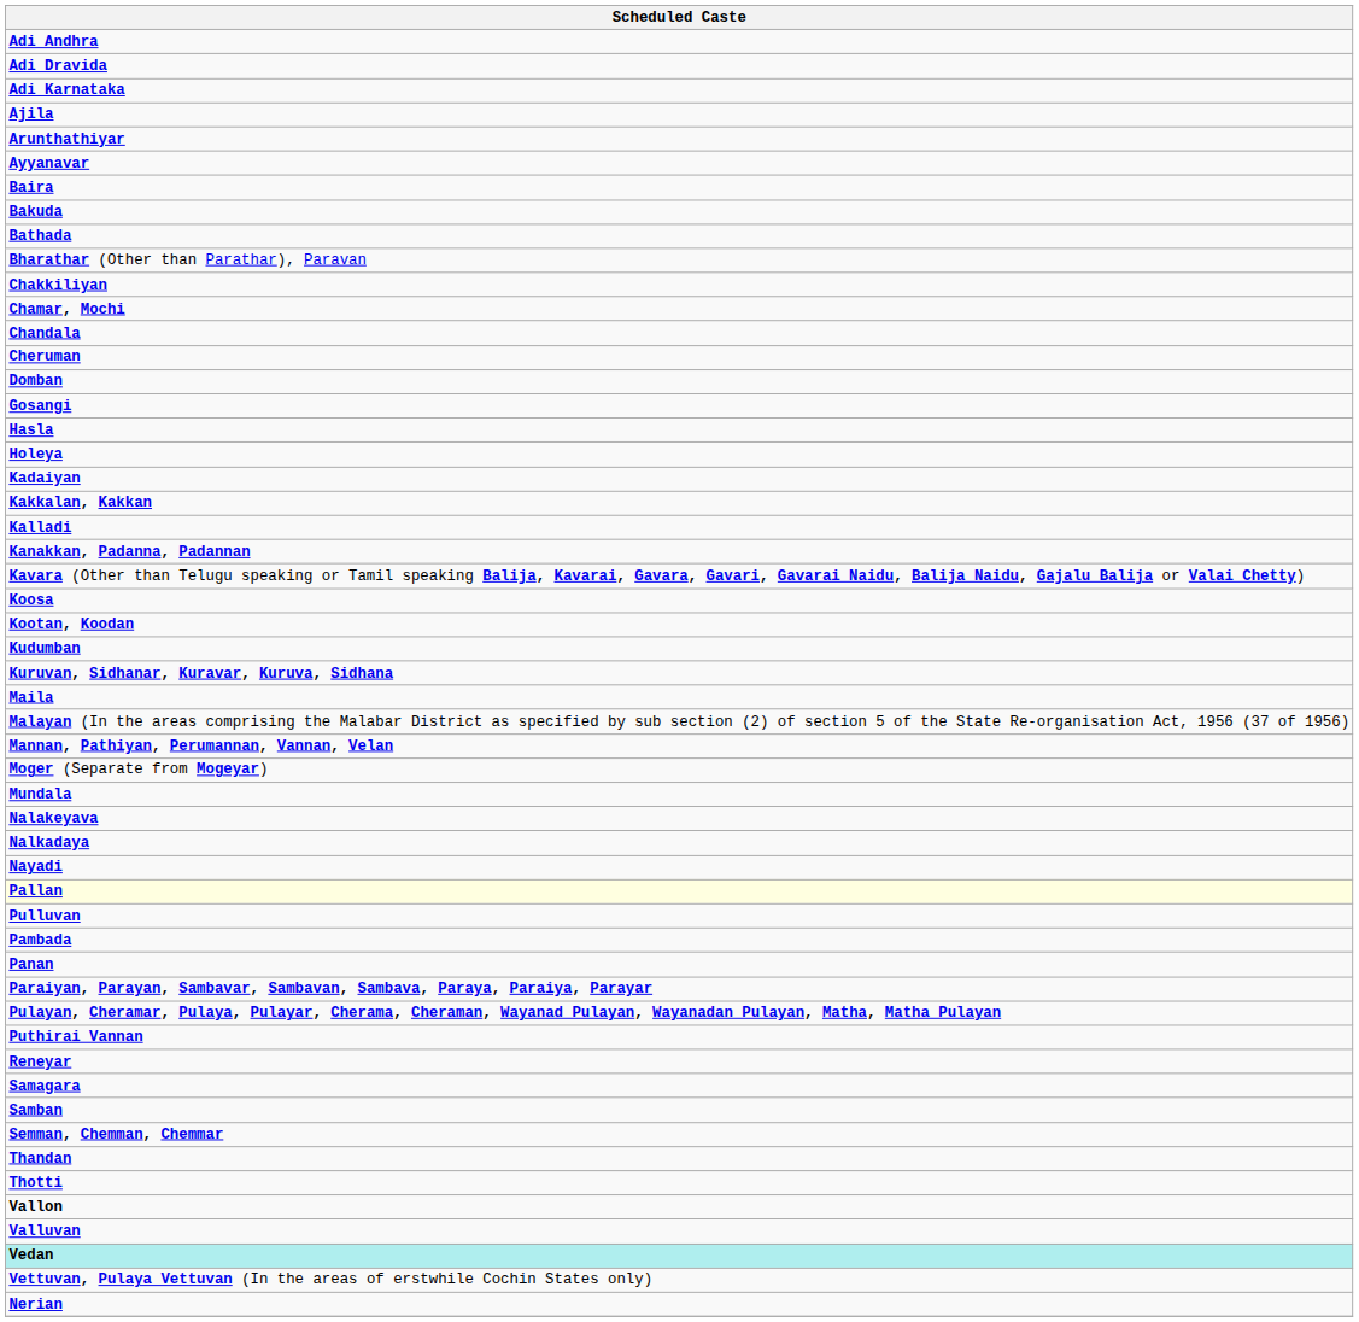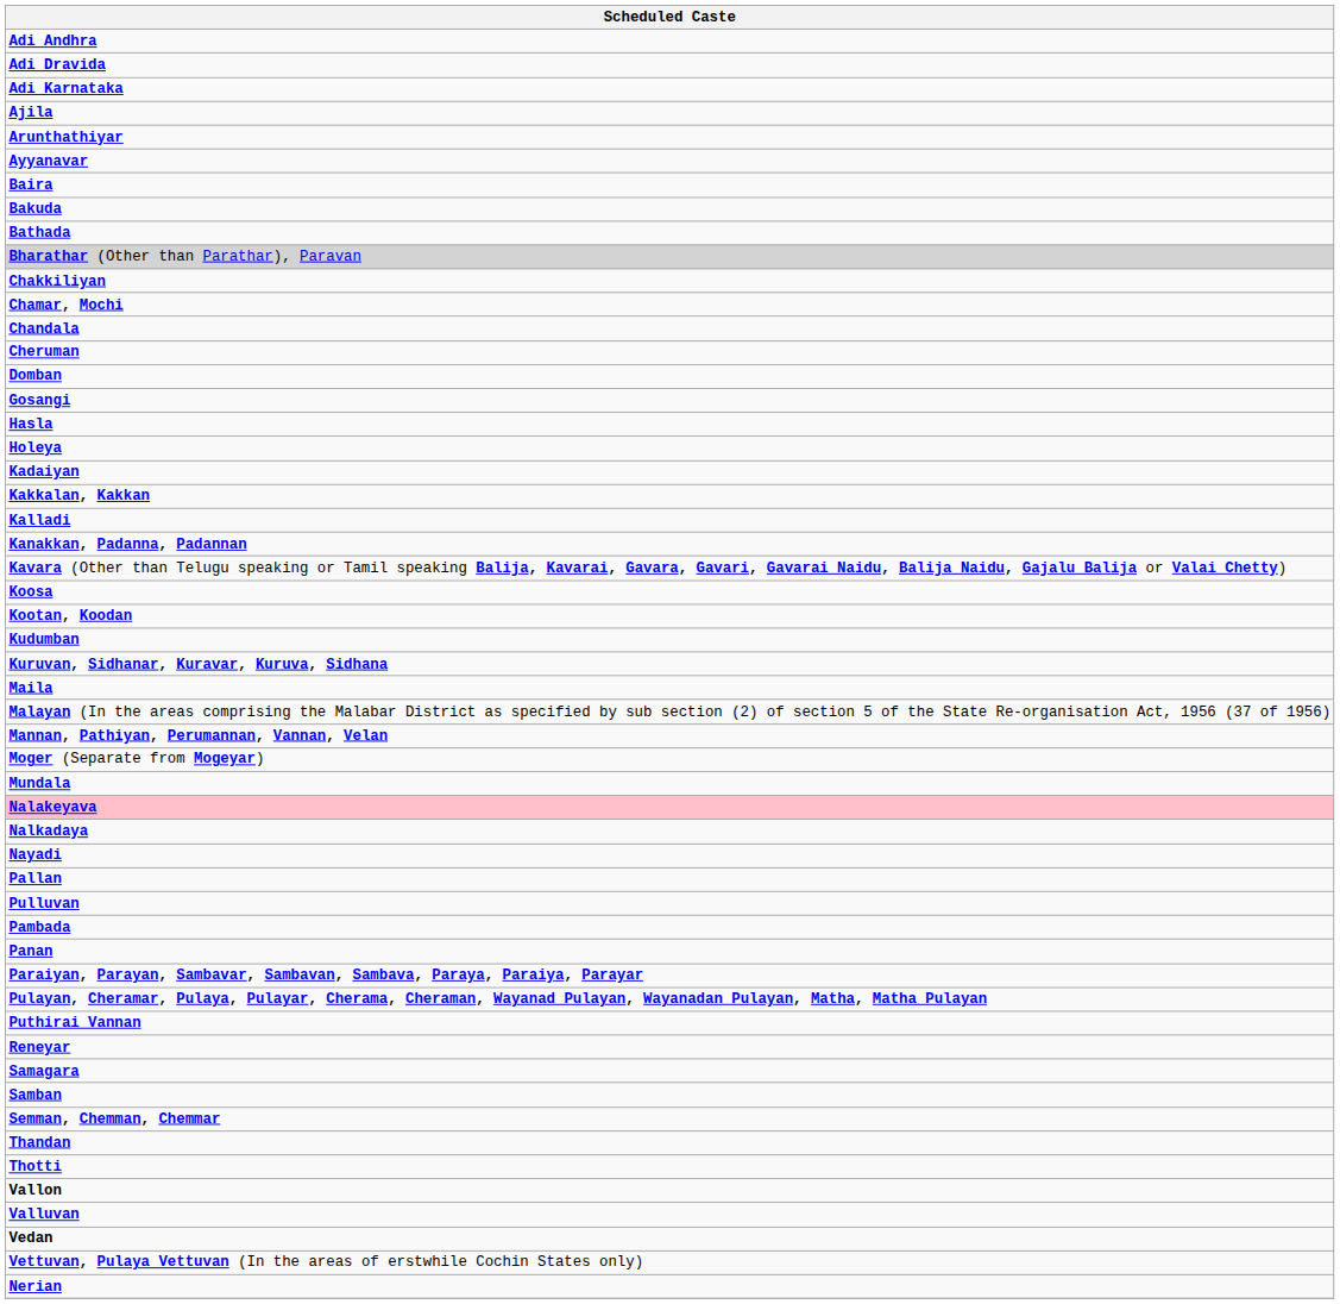 <table class="wikitable">
 <tr>
 <th>Scheduled Caste</th>
 </tr>
 <tr>
 <td><strong><a href='#'>Adi Andhra</a> </strong></td>
 </tr>
 <tr>
 <td><strong><a href='#'>Adi Dravida</a> </strong></td>
 </tr>
 <tr>
 <td><strong><a href='#'>Adi Karnataka</a> </strong></td>
 </tr>
 <tr>
 <td><strong><a href='#'>Ajila</a> </strong></td>
 </tr>
 <tr>
 <td><strong><a href='#'>Arunthathiyar</a> </strong></td>
 </tr>
 <tr>
 <td><strong><a href='#'>Ayyanavar</a> </strong></td>
 </tr>
 <tr>
 <td><strong><a href='#'>Baira</a> </strong></td>
 </tr>
 <tr>
 <td><strong><a href='#'>Bakuda</a> </strong></td>
 </tr>
 <tr>
 <td><strong><a href='#'>Bathada</a> </strong></td>
 </tr>
 <tr>
-<td><strong><a href='#'>Bharathar</a></strong> (Other than <a href='#'>Parathar</a>), <a href='#'>Paravan</a></td>
+<td style="background: lightgrey;"><strong><a href='#'>Bharathar</a></strong> (Other than <a href='#'>Parathar</a>), <a href='#'>Paravan</a></td>
 </tr>
 <tr>
 <td><strong><a href='#'>Chakkiliyan</a></strong></td>
 </tr>
 <tr>
 <td><strong><a href='#'>Chamar</a>, <a href='#'>Mochi</a> </strong></td>
 </tr>
 <tr>
 <td><strong><a href='#'>Chandala</a> </strong></td>
 </tr>
 <tr>
 <td><strong><a href='#'>Cheruman</a> </strong></td>
 </tr>
 <tr>
 <td><strong><a href='#'>Domban</a> </strong></td>
 </tr>
 <tr>
 <td><strong><a href='#'>Gosangi</a> </strong></td>
 </tr>
 <tr>
 <td><strong><a href='#'>Hasla</a> </strong></td>
 </tr>
 <tr>
 <td><strong><a href='#'>Holeya</a> </strong></td>
 </tr>
 <tr>
 <td><strong><a href='#'>Kadaiyan</a> </strong></td>
 </tr>
 <tr>
 <td><strong><a href='#'>Kakkalan</a>, <a href='#'>Kakkan</a> </strong></td>
 </tr>
 <tr>
 <td><strong><a href='#'>Kalladi</a> </strong></td>
 </tr>
 <tr>
 <td><strong><a href='#'>Kanakkan</a>, <a href='#'>Padanna</a>, <a href='#'>Padannan</a> </strong></td>
 </tr>
 <tr>
 <td><strong><a href='#'>Kavara</a></strong> (Other than Telugu speaking or Tamil speaking <strong><a href='#'>Balija</a>, <a href='#'>Kavarai</a>, <a href='#'>Gavara</a>, <a href='#'>Gavari</a>, <a href='#'>Gavarai Naidu</a>, <a href='#'>Balija Naidu</a>, <a href='#'>Gajalu Balija</a></strong> or <strong><a href='#'>Valai Chetty</a></strong>)</td>
 </tr>
 <tr>
 <td><strong><a href='#'>Koosa</a> </strong></td>
 </tr>
 <tr>
 <td><strong><a href='#'>Kootan</a>, <a href='#'>Koodan</a> </strong></td>
 </tr>
 <tr>
 <td><strong><a href='#'>Kudumban</a> </strong></td>
 </tr>
 <tr>
 <td><strong><a href='#'>Kuruvan</a>, <a href='#'>Sidhanar</a>, <a href='#'>Kuravar</a>, <a href='#'>Kuruva</a>, <a href='#'>Sidhana</a> </strong></td>
 </tr>
 <tr>
 <td><strong><a href='#'>Maila</a> </strong></td>
 </tr>
 <tr>
 <td><strong><a href='#'>Malayan</a></strong> (In the areas comprising the Malabar District as specified by sub section (2) of section 5 of the State Re-organisation Act, 1956 (37 of 1956)</td>
 </tr>
 <tr>
 <td><strong><a href='#'>Mannan</a>, <a href='#'>Pathiyan</a>, <a href='#'>Perumannan</a>, <a href='#'>Vannan</a>, <a href='#'>Velan</a> </strong></td>
 </tr>
 <tr>
 <td><strong><a href='#'>Moger</a></strong> (Separate from <strong><a href='#'>Mogeyar</a></strong>)</td>
 </tr>
 <tr>
 <td><strong><a href='#'>Mundala</a> </strong></td>
 </tr>
 <tr>
-<td><strong><a href='#'>Nalakeyava</a> </strong></td>
+<td style="background: pink;"><strong><a href='#'>Nalakeyava</a> </strong></td>
 </tr>
 <tr>
 <td><strong><a href='#'>Nalkadaya</a> </strong></td>
 </tr>
 <tr>
 <td><strong><a href='#'>Nayadi</a> </strong></td>
 </tr>
 <tr>
-<td style="background: lightyellow;"><strong><a href='#'>Pallan</a> </strong></td>
+<td><strong><a href='#'>Pallan</a> </strong></td>
 </tr>
 <tr>
 <td><strong><a href='#'>Pulluvan</a> </strong></td>
 </tr>
 <tr>
 <td><strong><a href='#'>Pambada</a> </strong></td>
 </tr>
 <tr>
 <td><strong><a href='#'>Panan</a> </strong></td>
 </tr>
 <tr>
 <td><strong><a href='#'>Paraiyan</a>, <a href='#'>Parayan</a>, <a href='#'>Sambavar</a>, <a href='#'>Sambavan</a>, <a href='#'>Sambava</a>, <a href='#'>Paraya</a>, <a href='#'>Paraiya</a>, <a href='#'>Parayar</a> </strong></td>
 </tr>
 <tr>
 <td><strong><a href='#'>Pulayan</a>, <a href='#'>Cheramar</a>, <a href='#'>Pulaya</a>, <a href='#'>Pulayar</a>, <a href='#'>Cherama</a>, <a href='#'>Cheraman</a>, <a href='#'>Wayanad Pulayan</a>, <a href='#'>Wayanadan Pulayan</a>, <a href='#'>Matha</a>, <a href='#'>Matha Pulayan</a> </strong></td>
 </tr>
 <tr>
 <td><strong><a href='#'>Puthirai Vannan</a> </strong></td>
 </tr>
 <tr>
 <td><strong><a href='#'>Reneyar</a> </strong></td>
 </tr>
 <tr>
 <td><strong><a href='#'>Samagara</a> </strong></td>
 </tr>
 <tr>
 <td><strong><a href='#'>Samban</a> </strong></td>
 </tr>
 <tr>
 <td><strong><a href='#'>Semman</a>, <a href='#'>Chemman</a>, <a href='#'>Chemmar</a> </strong></td>
 </tr>
 <tr>
 <td><strong><a href='#'>Thandan</a> </strong></td>
 </tr>
 <tr>
 <td><strong><a href='#'>Thotti</a> </strong></td>
 </tr>
 <tr>
 <td><strong>Vallon</strong></td>
 </tr>
 <tr>
 <td><strong><a href='#'>Valluvan</a> </strong></td>
 </tr>
 <tr>
-<td style="background: paleturquoise;"><strong>Vedan </strong></td>
+<td><strong>Vedan </strong></td>
 </tr>
 <tr>
 <td><strong><a href='#'>Vettuvan</a>, <a href='#'>Pulaya Vettuvan</a></strong> (In the areas of erstwhile Cochin States only)</td>
 </tr>
 <tr>
 <td><strong><a href='#'>Nerian</a></strong></td>
 </tr>
 <tr>
 </tr>
 </table>
